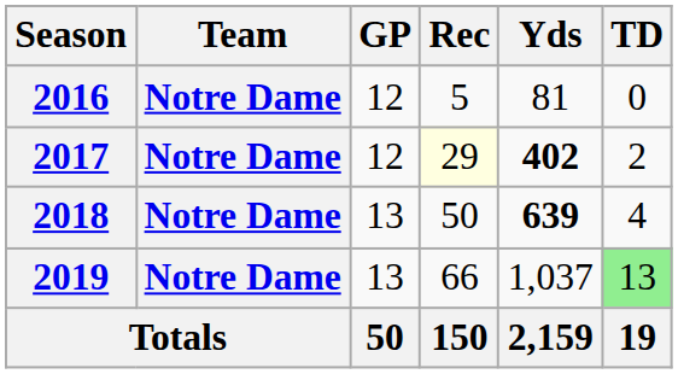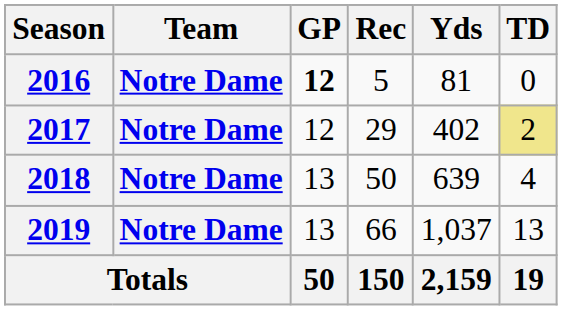 <table class="wikitable" style="text-align:center;">
 <tr>
 <th>Season</th>
 <th>Team</th>
 <th>GP</th>
 <th>Rec</th>
 <th>Yds</th>
 <th>TD</th>
 </tr>
 <tr>
 <th><a href='#'>2016</a></th>
 <th><a href='#'>Notre Dame</a></th>
-<td>12</td>
+<td><strong>12</strong></td>
 <td>5</td>
 <td>81</td>
 <td>0</td>
 </tr>
 <tr>
 <th><a href='#'>2017</a></th>
 <th><a href='#'>Notre Dame</a></th>
 <td>12</td>
-<td style="background: lightyellow;">29</td>
-<td><strong>402</strong></td>
-<td>2</td>
+<td>29</td>
+<td>402</td>
+<td style="background: khaki;">2</td>
 </tr>
 <tr>
 <th><a href='#'>2018</a></th>
 <th><a href='#'>Notre Dame</a></th>
 <td>13</td>
 <td>50</td>
-<td><strong>639</strong></td>
+<td>639</td>
 <td>4</td>
 </tr>
 <tr>
 <th><a href='#'>2019</a></th>
 <th><a href='#'>Notre Dame</a></th>
 <td>13</td>
 <td>66</td>
 <td>1,037</td>
-<td style="background: lightgreen;">13</td>
+<td>13</td>
 </tr>
 <tr>
 <th colspan="2">Totals</th>
 <th>50</th>
 <th>150</th>
 <th>2,159</th>
 <th>19</th>
 </tr>
 </table>
